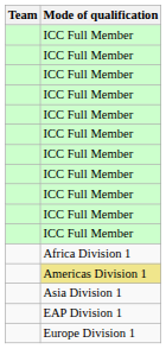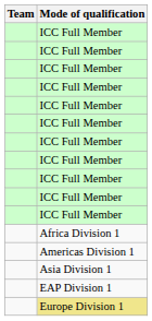 <table class="wikitable">
 <tr>
 <th>Team</th>
 <th>Mode of qualification</th>
 </tr>
 <tr style="background:#cfc;">
 <td></td>
 <td>ICC Full Member</td>
 </tr>
 <tr style="background:#cfc;">
 <td></td>
 <td>ICC Full Member</td>
 </tr>
 <tr style="background:#cfc;">
 <td></td>
 <td>ICC Full Member</td>
 </tr>
 <tr style="background:#cfc;">
 <td></td>
 <td>ICC Full Member</td>
 </tr>
 <tr style="background:#cfc;">
 <td></td>
 <td>ICC Full Member</td>
 </tr>
 <tr style="background:#cfc;">
 <td></td>
 <td>ICC Full Member</td>
 </tr>
 <tr style="background:#cfc;">
 <td></td>
 <td>ICC Full Member</td>
 </tr>
 <tr style="background:#cfc;">
 <td></td>
 <td>ICC Full Member</td>
 </tr>
 <tr style="background:#cfc;">
 <td></td>
 <td>ICC Full Member</td>
 </tr>
 <tr style="background:#cfc;">
 <td></td>
 <td>ICC Full Member</td>
 </tr>
 <tr style="background:#cfc;">
 <td></td>
 <td>ICC Full Member</td>
 </tr>
 <tr>
 <td></td>
 <td>Africa Division 1</td>
 </tr>
 <tr>
 <td></td>
-<td style="background: khaki;">Americas Division 1</td>
+<td>Americas Division 1</td>
 </tr>
 <tr>
 <td></td>
 <td>Asia Division 1</td>
 </tr>
 <tr>
 <td></td>
 <td>EAP Division 1</td>
 </tr>
 <tr>
 <td></td>
-<td>Europe Division 1</td>
+<td style="background: khaki;">Europe Division 1</td>
 </tr>
 </table>
